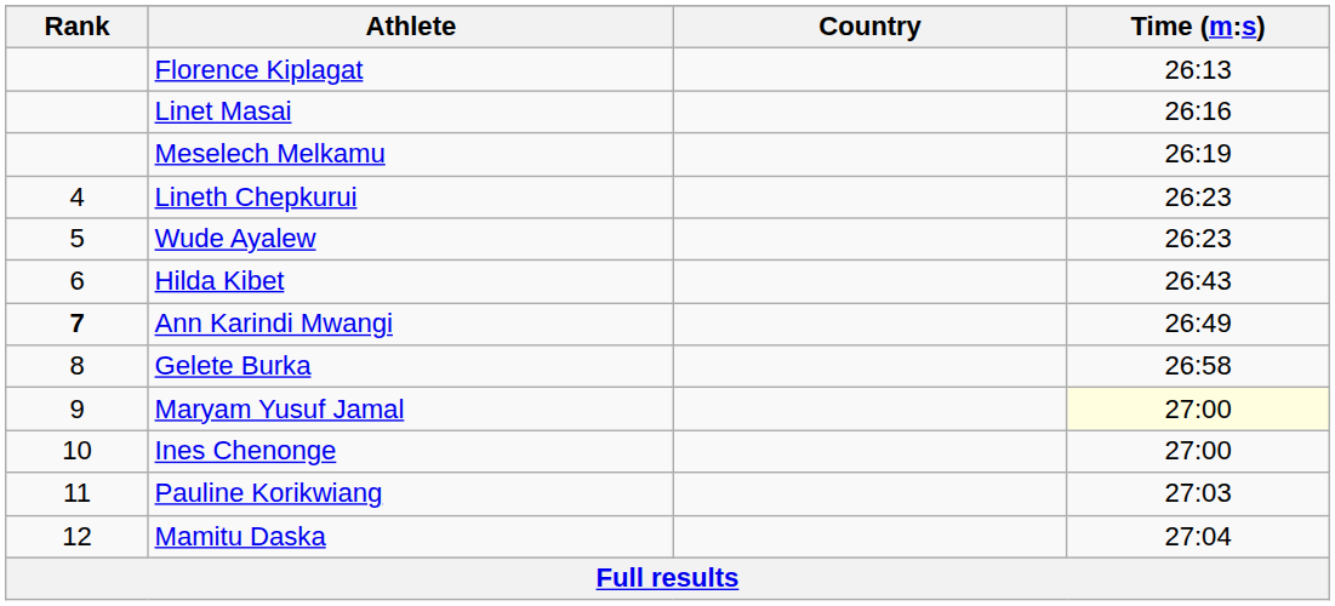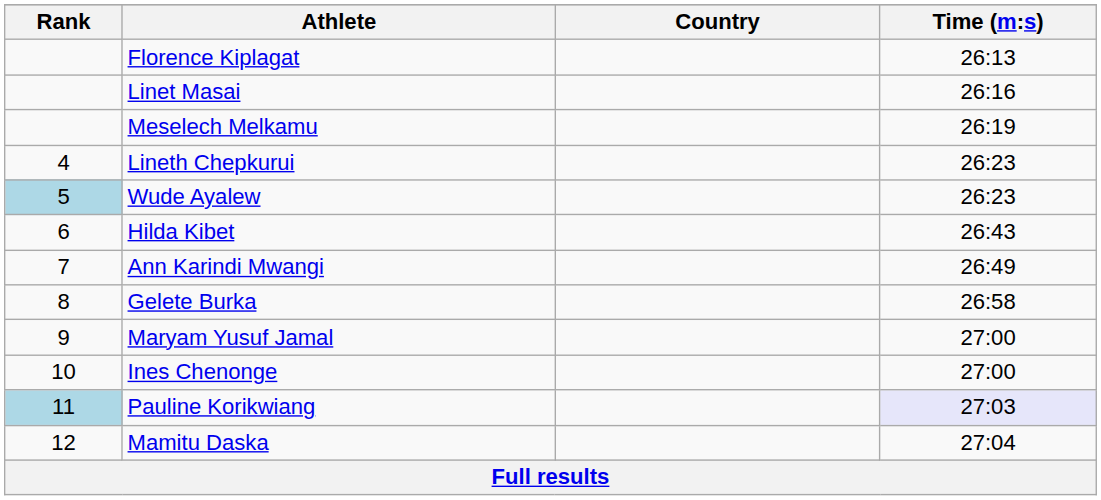 <table class="wikitable" width=50%>
 <tr>
 </tr>
 <tr>
 <th width=5%>Rank</th>
 <th width=20%>Athlete</th>
 <th width=15%>Country</th>
 <th width=10%>Time (<a href='#'>m</a>:<a href='#'>s</a>)</th>
 </tr>
 <tr align="center">
 <td></td>
 <td align="left"><a href='#'>Florence Kiplagat</a></td>
 <td align="left"></td>
 <td>26:13</td>
 </tr>
 <tr align="center">
 <td></td>
 <td align="left"><a href='#'>Linet Masai</a></td>
 <td align="left"></td>
 <td>26:16</td>
 </tr>
 <tr align="center">
 <td></td>
 <td align="left"><a href='#'>Meselech Melkamu</a></td>
 <td align="left"></td>
 <td>26:19</td>
 </tr>
 <tr align="center">
 <td>4</td>
 <td align="left"><a href='#'>Lineth Chepkurui</a></td>
 <td align="left"></td>
 <td>26:23</td>
 </tr>
 <tr align="center">
-<td>5</td>
+<td style="background: lightblue;">5</td>
 <td align="left"><a href='#'>Wude Ayalew</a></td>
 <td align="left"></td>
 <td>26:23</td>
 </tr>
 <tr align="center">
 <td>6</td>
 <td align="left"><a href='#'>Hilda Kibet</a></td>
 <td align="left"></td>
 <td>26:43</td>
 </tr>
 <tr align="center">
-<td><strong>7</strong></td>
+<td>7</td>
 <td align="left"><a href='#'>Ann Karindi Mwangi</a></td>
 <td align="left"></td>
 <td>26:49</td>
 </tr>
 <tr align="center">
 <td>8</td>
 <td align="left"><a href='#'>Gelete Burka</a></td>
 <td align="left"></td>
 <td>26:58</td>
 </tr>
 <tr align="center">
 <td>9</td>
 <td align="left"><a href='#'>Maryam Yusuf Jamal</a></td>
 <td align="left"></td>
-<td style="background: lightyellow;">27:00</td>
+<td>27:00</td>
 </tr>
 <tr align="center">
 <td>10</td>
 <td align="left"><a href='#'>Ines Chenonge</a></td>
 <td align="left"></td>
 <td>27:00</td>
 </tr>
 <tr align="center">
-<td>11</td>
+<td style="background: lightblue;">11</td>
 <td align="left"><a href='#'>Pauline Korikwiang</a></td>
 <td align="left"></td>
-<td>27:03</td>
+<td style="background: lavender;">27:03</td>
 </tr>
 <tr align="center">
 <td>12</td>
 <td align="left"><a href='#'>Mamitu Daska</a></td>
 <td align="left"></td>
 <td>27:04</td>
 </tr>
 <tr>
 <th colspan=4 align=center><a href='#'>Full results</a></th>
 </tr>
 </table>
